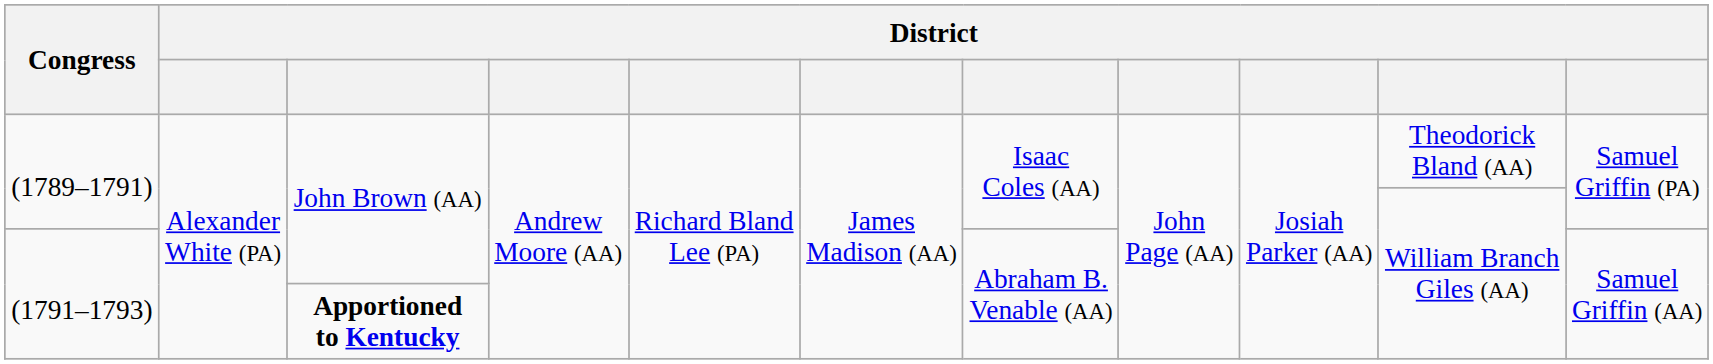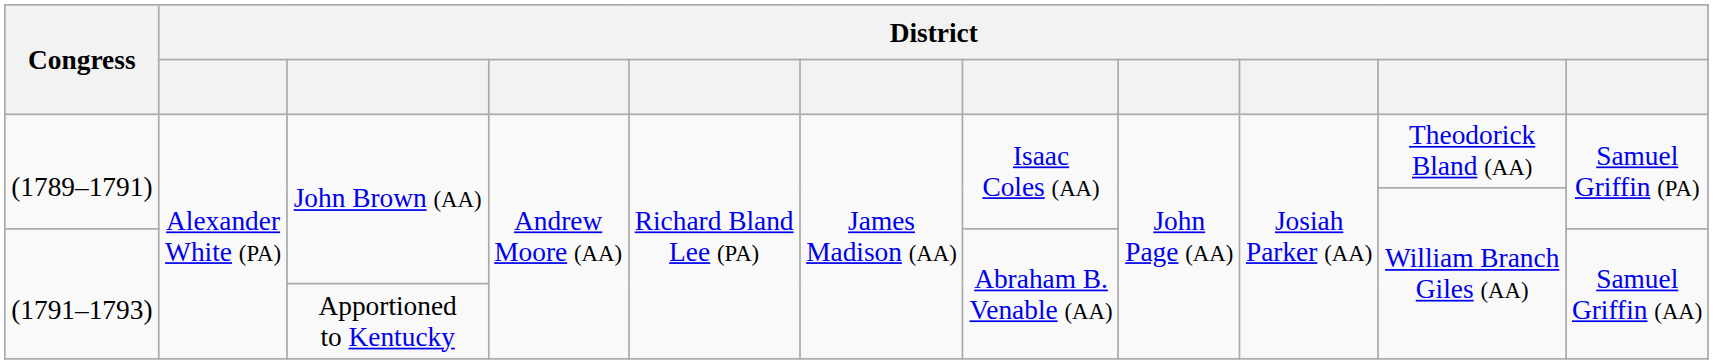 <table class=wikitable style="text-align:center">
 <tr style="height:2em">
 <th rowspan=2>Congress</th>
 <th colspan=10>District</th>
 </tr>
 <tr style="height:2em">
 <th></th>
 <th></th>
 <th></th>
 <th></th>
 <th></th>
 <th></th>
 <th></th>
 <th></th>
 <th></th>
 <th></th>
 </tr>
 <tr style="height:2em">
 <td rowspan=2><strong></strong><br>(1789–1791)</td>
 <td rowspan=4 ><a href='#'>Alexander<br>White</a> <small>(PA)</small></td>
 <td rowspan=3 ><a href='#'>John Brown</a> <small>(AA)</small></td>
 <td rowspan=4 ><a href='#'>Andrew<br>Moore</a> <small>(AA)</small></td>
 <td rowspan=4 ><a href='#'>Richard Bland<br>Lee</a> <small>(PA)</small></td>
 <td rowspan=4 ><a href='#'>James<br>Madison</a> <small>(AA)</small></td>
 <td rowspan=2 ><a href='#'>Isaac<br>Coles</a> <small>(AA)</small></td>
 <td rowspan=4 ><a href='#'>John<br>Page</a> <small>(AA)</small></td>
 <td rowspan=4 ><a href='#'>Josiah<br>Parker</a> <small>(AA)</small></td>
 <td><a href='#'>Theodorick<br>Bland</a> <small>(AA)</small></td>
 <td rowspan=2 ><a href='#'>Samuel<br>Griffin</a> <small>(PA)</small></td>
 </tr>
 <tr style="height:1.5em">
 <td rowspan=3 ><a href='#'>William Branch<br>Giles</a> <small>(AA)</small></td>
 </tr>
 <tr style="height:2em">
 <td rowspan=2><strong></strong><br>(1791–1793)</td>
 <td rowspan=2 ><a href='#'>Abraham B.<br>Venable</a> <small>(AA)</small></td>
 <td rowspan=2 ><a href='#'>Samuel<br>Griffin</a> <small>(AA)</small></td>
 </tr>
 <tr style="height:2em">
-<td><strong>Apportioned<br>to <a href='#'>Kentucky</a></strong></td>
+<td>Apportioned<br>to <a href='#'>Kentucky</a></td>
 </tr>
 </table>
